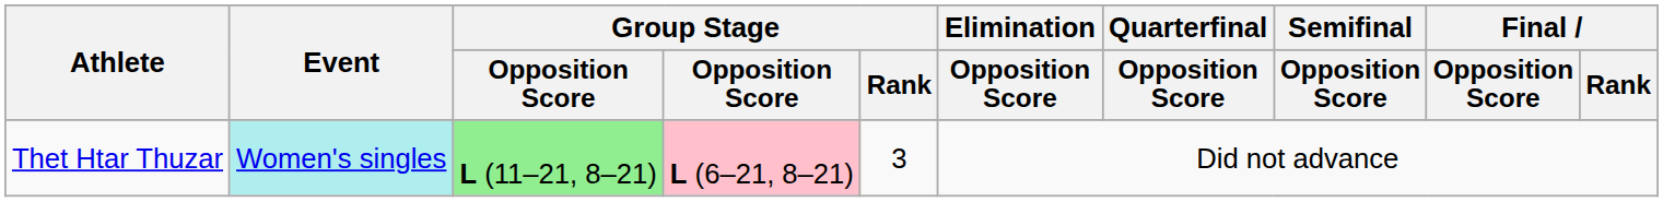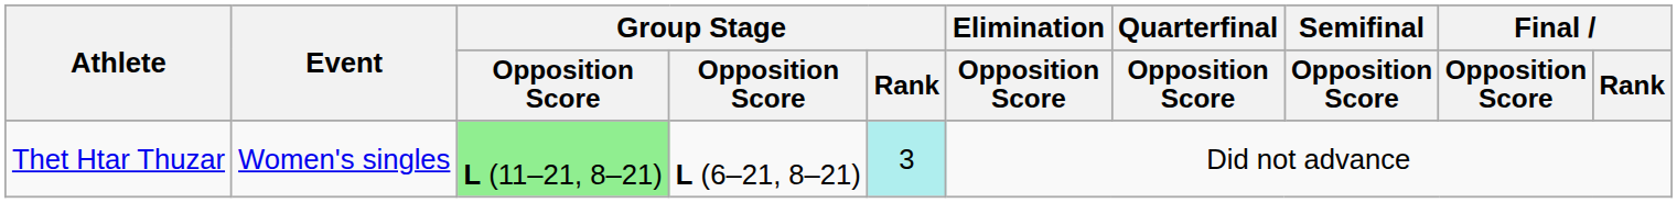 <table class="wikitable" style="font-size:90%">
 <tr>
 <th rowspan=2>Athlete</th>
 <th rowspan=2>Event</th>
 <th colspan=3>Group Stage</th>
 <th>Elimination</th>
 <th>Quarterfinal</th>
 <th>Semifinal</th>
 <th colspan=2>Final / </th>
 </tr>
 <tr style="font-size:95%">
 <th>Opposition<br>Score</th>
 <th>Opposition<br>Score</th>
 <th>Rank</th>
 <th>Opposition<br>Score</th>
 <th>Opposition<br>Score</th>
 <th>Opposition<br>Score</th>
 <th>Opposition<br>Score</th>
 <th>Rank</th>
 </tr>
 <tr align=center>
 <td align=left><a href='#'>Thet Htar Thuzar</a></td>
-<td align=left style="background: paleturquoise;"><a href='#'>Women's singles</a></td>
+<td align=left><a href='#'>Women's singles</a></td>
 <td style="background: lightgreen;"><br><strong>L</strong> (11–21, 8–21)</td>
-<td style="background: pink;"><br><strong>L</strong> (6–21, 8–21)</td>
-<td>3</td>
+<td><br><strong>L</strong> (6–21, 8–21)</td>
+<td style="background: paleturquoise;">3</td>
 <td colspan=5>Did not advance</td>
 </tr>
 </table>
